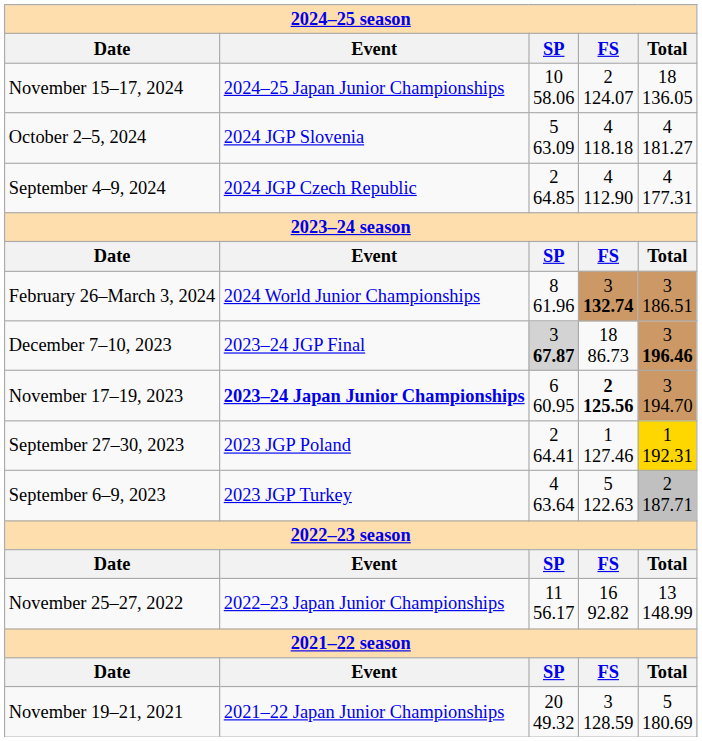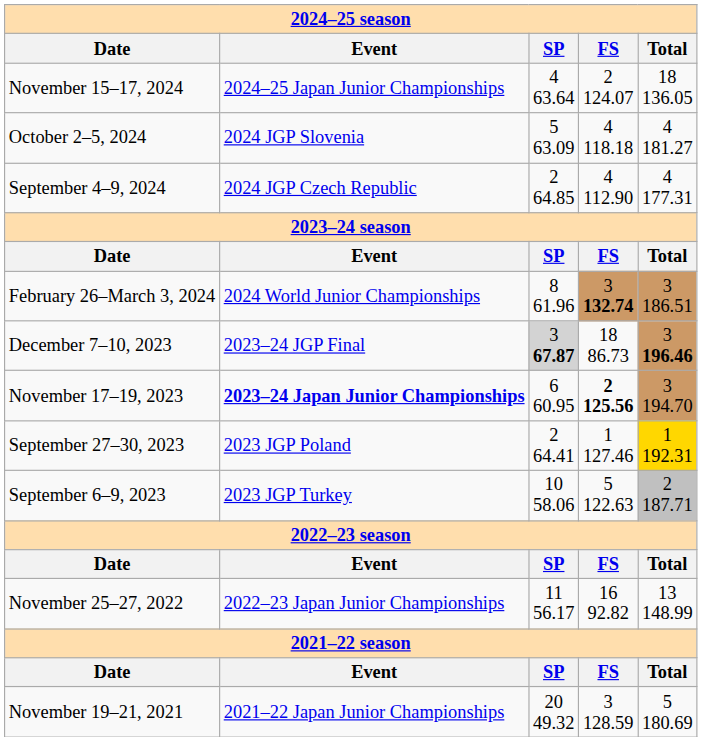 <table class="wikitable">
 <tr>
 <th colspan="6" style="background: #ffdead; text-align:center;"><strong><a href='#'>2024–25 season</a></strong></th>
 </tr>
 <tr>
 <th>Date</th>
 <th>Event</th>
 <th><a href='#'>SP</a></th>
 <th><a href='#'>FS</a></th>
 <th>Total</th>
 </tr>
 <tr>
 <td>November 15–17, 2024</td>
 <td><a href='#'>2024–25 Japan Junior Championships</a></td>
-<td align=center>10 <br> 58.06</td>
+<td align=center>4 <br> 63.64</td>
 <td align=center>2 <br> 124.07</td>
 <td align=center>18 <br> 136.05</td>
 </tr>
 <tr>
 <td>October 2–5, 2024</td>
 <td><a href='#'>2024 JGP Slovenia</a></td>
 <td align=center>5 <br>	63.09</td>
 <td align=center>4 <br> 118.18</td>
 <td align=center>4 <br> 181.27</td>
 </tr>
 <tr>
 <td>September 4–9, 2024</td>
 <td><a href='#'>2024 JGP Czech Republic</a></td>
 <td align=center>2 <br> 64.85</td>
 <td align=center>4 <br> 112.90</td>
 <td align=center>4 <br> 177.31</td>
 </tr>
 <tr>
 <th style="background-color: #ffdead; " colspan=6 align=center><a href='#'>2023–24 season</a></th>
 </tr>
 <tr>
 <th>Date</th>
 <th>Event</th>
 <th><a href='#'>SP</a></th>
 <th><a href='#'>FS</a></th>
 <th>Total</th>
 </tr>
 <tr>
 <td>February 26–March 3, 2024</td>
 <td><a href='#'>2024 World Junior Championships</a></td>
 <td align=center>8 <br> 61.96</td>
 <td align=center bgcolor=cc9966>3 <br> <strong>132.74</strong></td>
 <td align=center bgcolor=cc9966>3 <br> 186.51</td>
 </tr>
 <tr>
 <td>December 7–10, 2023</td>
 <td><a href='#'>2023–24 JGP Final</a></td>
 <td align=center style="background: lightgrey;">3 <br> <strong>67.87</strong></td>
 <td align=center>18 <br> 86.73</td>
 <td align=center bgcolor=cc9966>3 <br> <strong>196.46</strong></td>
 </tr>
 <tr>
 <td>November 17–19, 2023</td>
 <td><strong><a href='#'>2023–24 Japan Junior Championships</a></strong></td>
 <td align=center>6 <br> 60.95</td>
 <td align=center><strong>2 <br> 125.56</strong></td>
 <td align=center bgcolor=cc9966>3 <br> 194.70</td>
 </tr>
 <tr>
 <td>September 27–30, 2023</td>
 <td><a href='#'>2023 JGP Poland</a></td>
 <td align=center>2 <br> 64.41</td>
 <td align=center>1 <br>  127.46</td>
 <td align=center bgcolor=gold>1 <br> 192.31</td>
 </tr>
 <tr>
 <td>September 6–9, 2023</td>
 <td><a href='#'>2023 JGP Turkey</a></td>
-<td align=center>4 <br> 63.64</td>
+<td align=center>10 <br> 58.06</td>
 <td align=center>5 <br> 122.63</td>
 <td align=center bgcolor=silver>2 <br> 187.71</td>
 </tr>
 <tr>
 <th style="background-color: #ffdead; " colspan=6 align=center><a href='#'>2022–23 season</a></th>
 </tr>
 <tr>
 <th>Date</th>
 <th>Event</th>
 <th><a href='#'>SP</a></th>
 <th><a href='#'>FS</a></th>
 <th>Total</th>
 </tr>
 <tr>
 <td>November 25–27, 2022</td>
 <td><a href='#'>2022–23 Japan Junior Championships</a></td>
 <td align=center>11 <br> 56.17</td>
 <td align=center>16 <br> 92.82</td>
 <td align=center>13 <br> 148.99</td>
 </tr>
 <tr>
 <th style="background-color: #ffdead; " colspan=6 align=center><a href='#'>2021–22 season</a></th>
 </tr>
 <tr>
 <th>Date</th>
 <th>Event</th>
 <th><a href='#'>SP</a></th>
 <th><a href='#'>FS</a></th>
 <th>Total</th>
 </tr>
 <tr>
 <td>November 19–21, 2021</td>
 <td><a href='#'>2021–22 Japan Junior Championships</a></td>
 <td align=center>20 <br> 49.32</td>
 <td align=center>3 <br> 128.59</td>
 <td align=center>5 <br> 180.69</td>
 </tr>
 </table>
